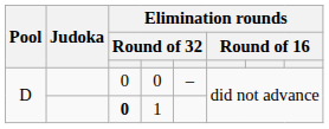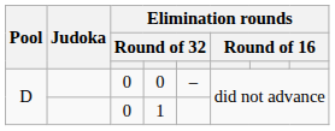 <table class="wikitable" style="text-align:center">
 <tr>
 <th rowspan="3">Pool</th>
 <th rowspan="3">Judoka</th>
 <th colspan="6">Elimination rounds</th>
 </tr>
 <tr>
 <th colspan="3">Round of 32</th>
 <th colspan="3">Round of 16</th>
 </tr>
 <tr>
 <th></th>
 <th></th>
 <th></th>
 <th></th>
 <th></th>
 <th></th>
 </tr>
 <tr>
 <td rowspan="2">D</td>
 <td></td>
 <td>0</td>
 <td>0</td>
 <td>–</td>
 <td rowspan="2"; colspan="3">did not advance</td>
 </tr>
 <tr>
 <td></td>
-<td><strong>0</strong></td>
+<td>0</td>
 <td>1</td>
 <td></td>
 </tr>
 </table>
